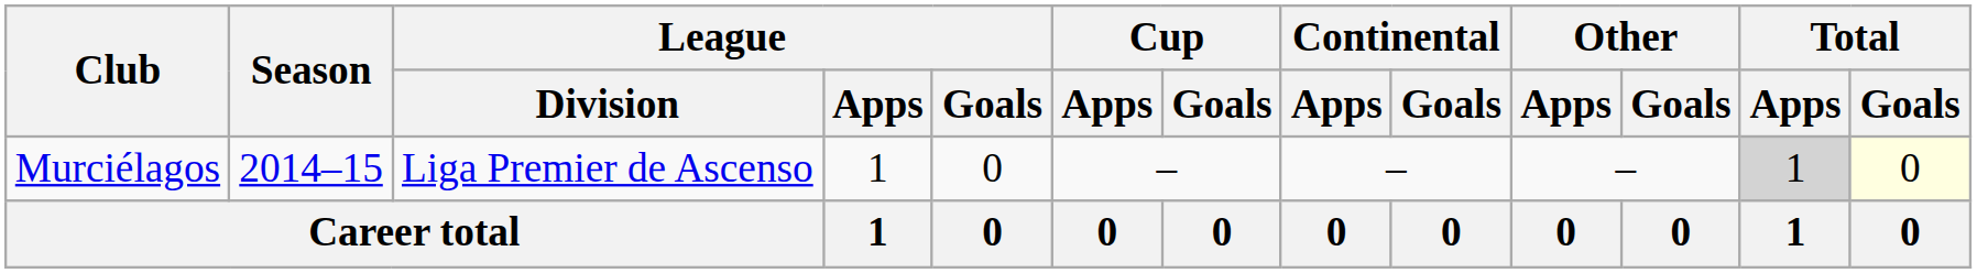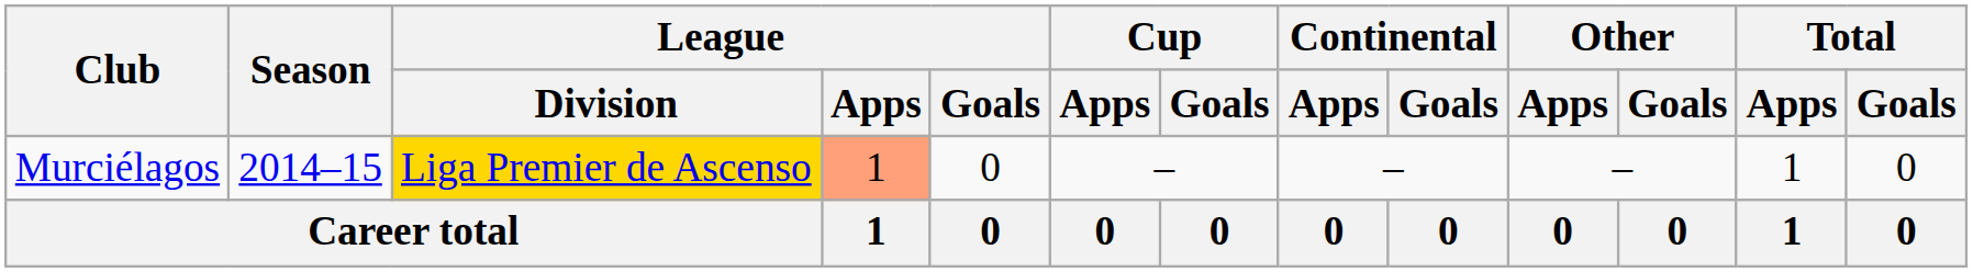 <table class="wikitable" style="text-align: center">
 <tr>
 <th rowspan="2">Club</th>
 <th rowspan="2">Season</th>
 <th colspan="3">League</th>
 <th colspan="2">Cup</th>
 <th colspan="2">Continental</th>
 <th colspan="2">Other</th>
 <th colspan="2">Total</th>
 </tr>
 <tr>
 <th>Division</th>
 <th>Apps</th>
 <th>Goals</th>
 <th>Apps</th>
 <th>Goals</th>
 <th>Apps</th>
 <th>Goals</th>
 <th>Apps</th>
 <th>Goals</th>
 <th>Apps</th>
 <th>Goals</th>
 </tr>
 <tr>
 <td><a href='#'>Murciélagos</a></td>
 <td><a href='#'>2014–15</a></td>
-<td><a href='#'>Liga Premier de Ascenso</a></td>
-<td>1</td>
+<td style="background: gold;"><a href='#'>Liga Premier de Ascenso</a></td>
+<td style="background: lightsalmon;">1</td>
 <td>0</td>
 <td colspan="2">–</td>
 <td colspan="2">–</td>
 <td colspan="2">–</td>
-<td style="background: lightgrey;">1</td>
-<td style="background: lightyellow;">0</td>
+<td>1</td>
+<td>0</td>
 </tr>
 <tr>
 <th colspan="3"><strong>Career total</strong></th>
 <th>1</th>
 <th>0</th>
 <th>0</th>
 <th>0</th>
 <th>0</th>
 <th>0</th>
 <th>0</th>
 <th>0</th>
 <th>1</th>
 <th>0</th>
 </tr>
 </table>
